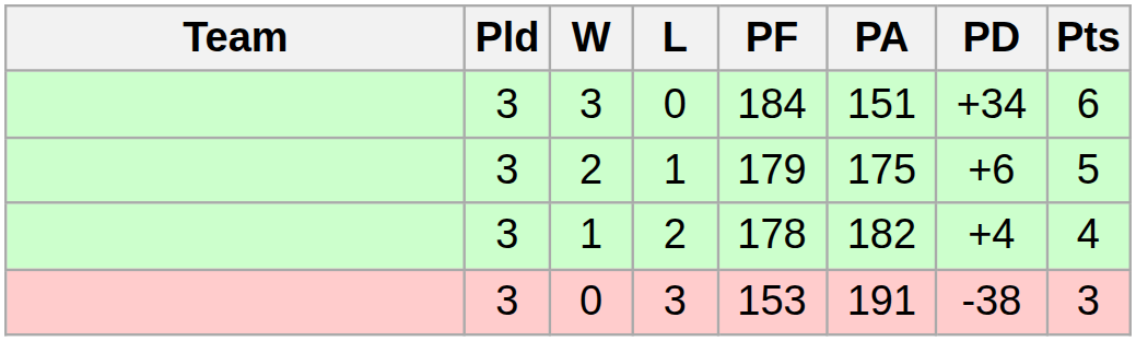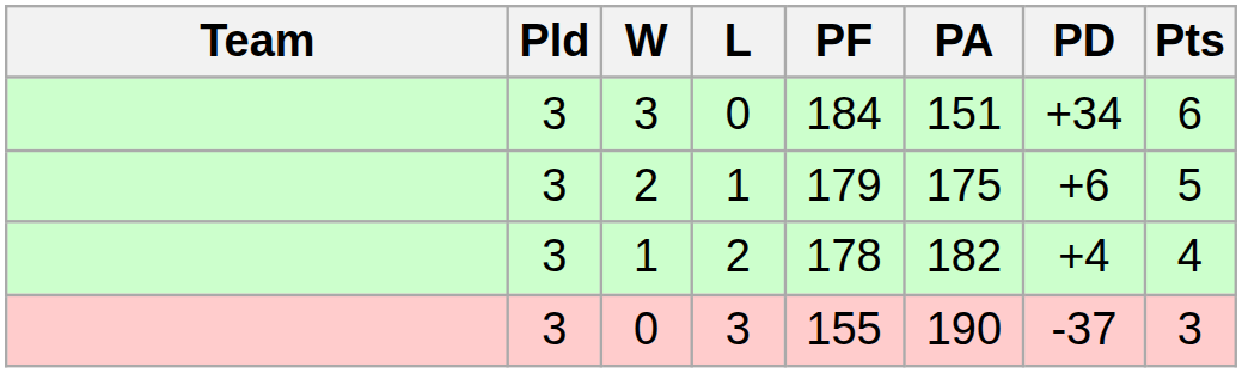 <table class="wikitable" style="text-align:center;">
 <tr>
 <th width=170>Team</th>
 <th width=25>Pld</th>
 <th width=25>W</th>
 <th width=25>L</th>
 <th width=35>PF</th>
 <th width=35>PA</th>
 <th width=35>PD</th>
 <th width=25>Pts</th>
 </tr>
 <tr style="background:#cfc;">
 <td align="left"></td>
 <td>3</td>
 <td>3</td>
 <td>0</td>
 <td>184</td>
 <td>151</td>
 <td>+34</td>
 <td>6</td>
 </tr>
 <tr style="background:#cfc;">
 <td align="left"></td>
 <td>3</td>
 <td>2</td>
 <td>1</td>
 <td>179</td>
 <td>175</td>
 <td>+6</td>
 <td>5</td>
 </tr>
 <tr style="background:#cfc;">
 <td align="left"></td>
 <td>3</td>
 <td>1</td>
 <td>2</td>
 <td>178</td>
 <td>182</td>
 <td>+4</td>
 <td>4</td>
 </tr>
 <tr style="background:#fcc;">
 <td align="left"></td>
 <td>3</td>
 <td>0</td>
 <td>3</td>
-<td>153</td>
-<td>191</td>
-<td>-38</td>
+<td>155</td>
+<td>190</td>
+<td>-37</td>
 <td>3</td>
 </tr>
 </table>
